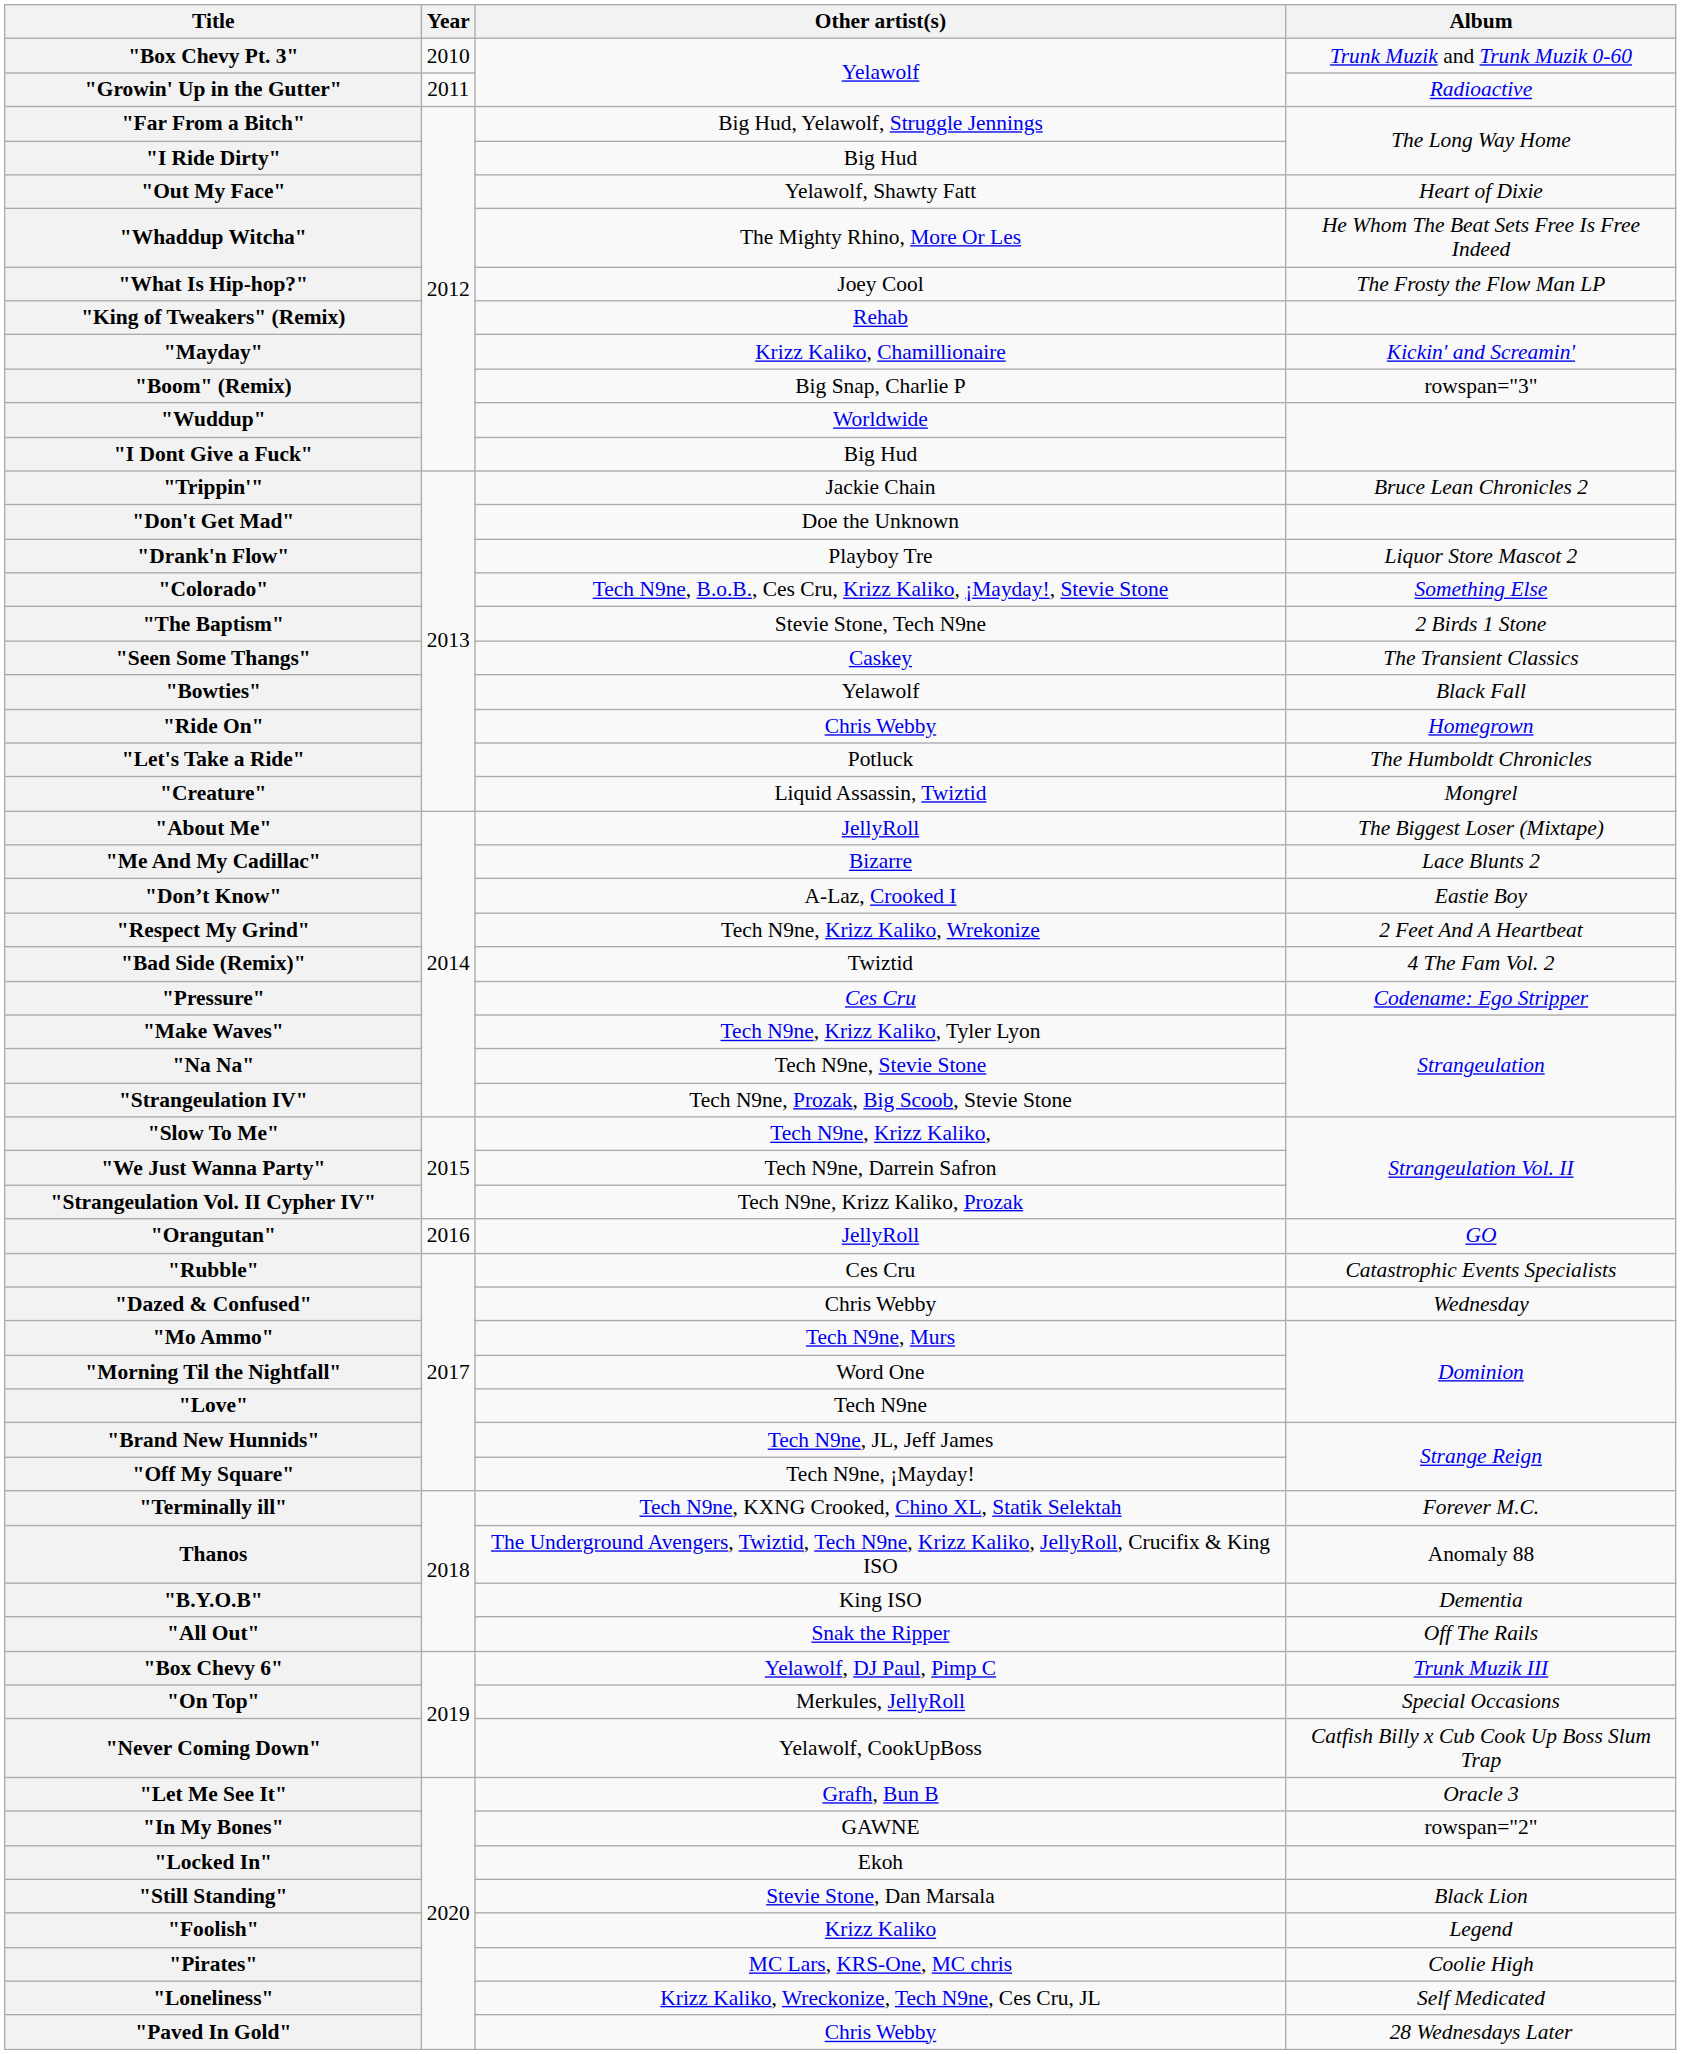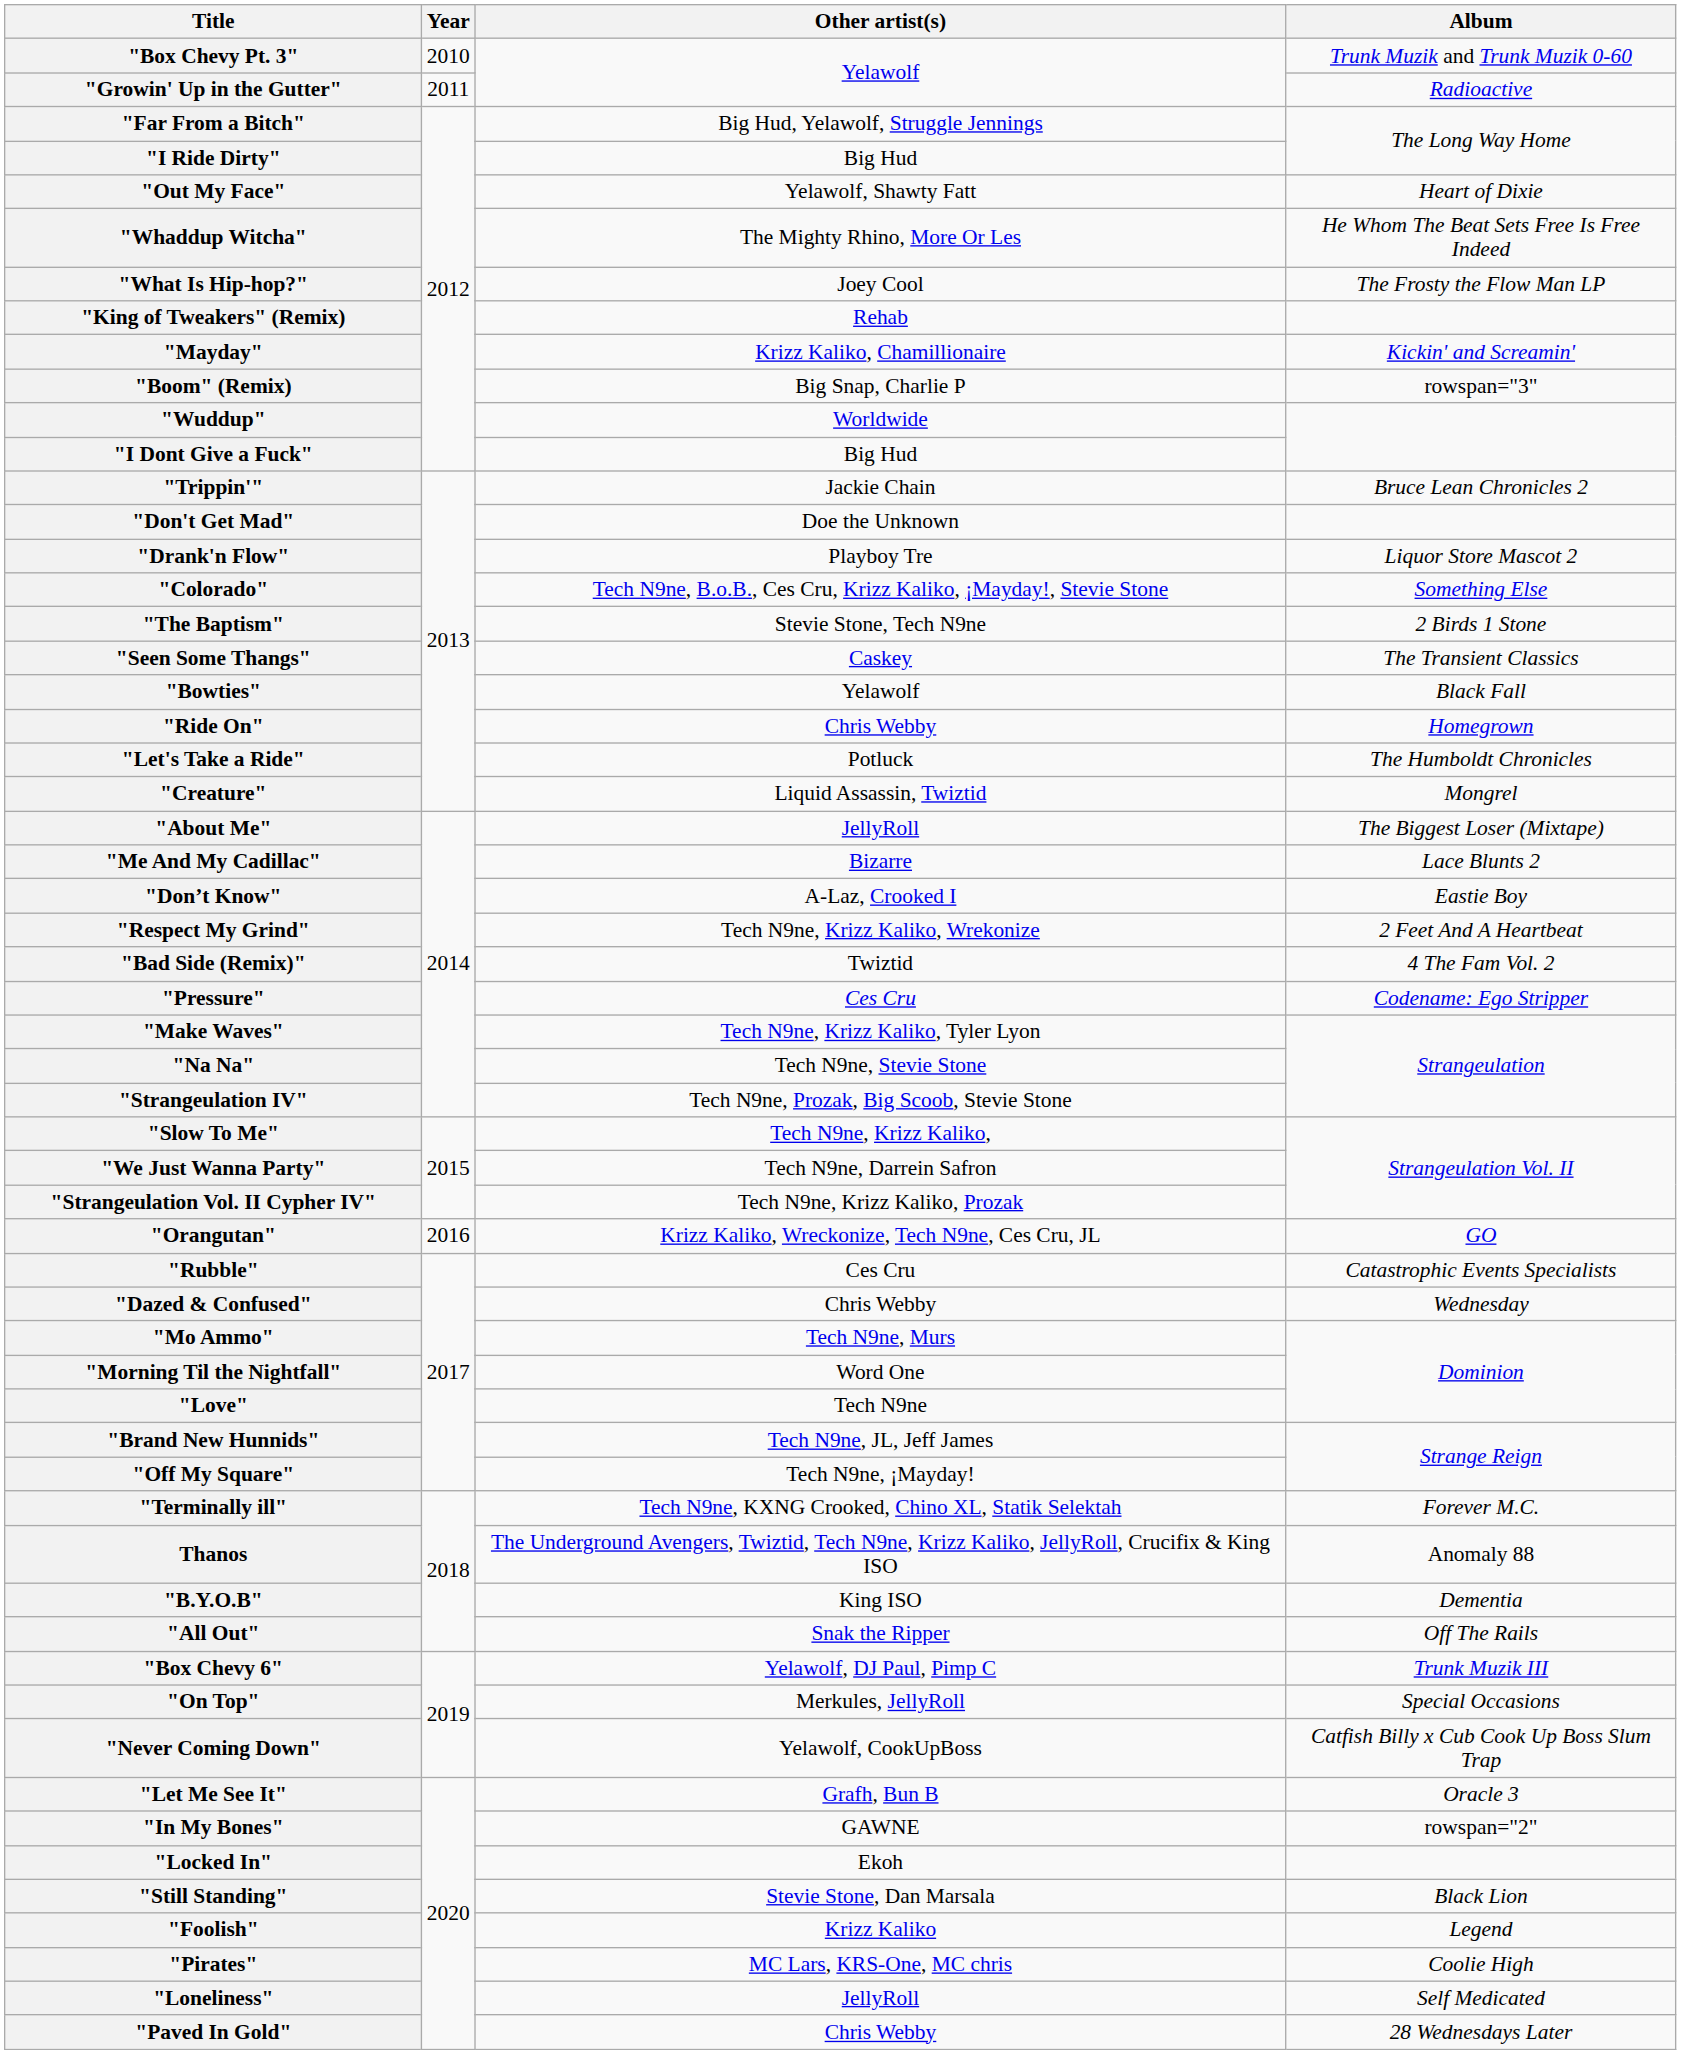 <table class="wikitable plainrowheaders" style="text-align:center;">
 <tr>
 <th scope="col" style="width:19em;">Title</th>
 <th scope="col">Year</th>
 <th scope="col">Other artist(s)</th>
 <th scope="col">Album</th>
 </tr>
 <tr>
 <th scope="row">"Box Chevy Pt. 3"</th>
 <td>2010</td>
 <td rowspan="2"><a href='#'>Yelawolf</a></td>
 <td><em><a href='#'>Trunk Muzik</a></em> and <em><a href='#'>Trunk Muzik 0-60</a></em></td>
 </tr>
 <tr>
 <th scope="row">"Growin' Up in the Gutter"</th>
 <td>2011</td>
 <td><em><a href='#'>Radioactive</a></em></td>
 </tr>
 <tr>
 <th scope="row">"Far From a Bitch"</th>
 <td rowspan="10">2012</td>
 <td>Big Hud, Yelawolf, <a href='#'>Struggle Jennings</a></td>
 <td rowspan="2"><em>The Long Way Home</em></td>
 </tr>
 <tr>
 <th scope="row">"I Ride Dirty"</th>
 <td>Big Hud</td>
 </tr>
 <tr>
 <th scope="row">"Out My Face"</th>
 <td>Yelawolf, Shawty Fatt</td>
 <td><em>Heart of Dixie</em></td>
 </tr>
 <tr>
 <th scope="row">"Whaddup Witcha"</th>
 <td>The Mighty Rhino, <a href='#'>More Or Les</a></td>
 <td><em>He Whom The Beat Sets Free Is Free Indeed</em></td>
 </tr>
 <tr>
 <th scope="row">"What Is Hip-hop?"</th>
 <td>Joey Cool</td>
 <td><em>The Frosty the Flow Man LP</em></td>
 </tr>
 <tr>
 <th scope="row">"King of Tweakers" (Remix)</th>
 <td><a href='#'>Rehab</a></td>
 <td></td>
 </tr>
 <tr>
 <th scope="row">"Mayday" </th>
 <td><a href='#'>Krizz Kaliko</a>, <a href='#'>Chamillionaire</a></td>
 <td><em><a href='#'>Kickin' and Screamin'</a></em></td>
 </tr>
 <tr>
 <th scope="row">"Boom" (Remix)</th>
 <td>Big Snap, Charlie P</td>
 <td>rowspan="3" </td>
 </tr>
 <tr>
 <th scope="row">"Wuddup"</th>
 <td><a href='#'>Worldwide</a></td>
 </tr>
 <tr>
 <th scope="row">"I Dont Give a Fuck"</th>
 <td>Big Hud</td>
 </tr>
 <tr>
 <th scope="row">"Trippin'"</th>
 <td rowspan="10">2013</td>
 <td>Jackie Chain</td>
 <td><em>Bruce Lean Chronicles 2</em></td>
 </tr>
 <tr>
 <th scope="row">"Don't Get Mad"</th>
 <td>Doe the Unknown</td>
 <td></td>
 </tr>
 <tr>
 <th scope="row">"Drank'n Flow"</th>
 <td>Playboy Tre</td>
 <td><em>Liquor Store Mascot 2</em></td>
 </tr>
 <tr>
 <th scope="row">"Colorado"</th>
 <td><a href='#'>Tech N9ne</a>, <a href='#'>B.o.B.</a>, Ces Cru, <a href='#'>Krizz Kaliko</a>, <a href='#'>¡Mayday!</a>, <a href='#'>Stevie Stone</a></td>
 <td><em><a href='#'>Something Else</a></em></td>
 </tr>
 <tr>
 <th scope="row">"The Baptism"</th>
 <td>Stevie Stone, Tech N9ne</td>
 <td><em>2 Birds 1 Stone</em></td>
 </tr>
 <tr>
 <th scope="row">"Seen Some Thangs"</th>
 <td><a href='#'>Caskey</a></td>
 <td><em>The Transient Classics</em></td>
 </tr>
 <tr>
 <th scope="row">"Bowties"</th>
 <td>Yelawolf</td>
 <td><em>Black Fall</em></td>
 </tr>
 <tr>
 <th scope="row">"Ride On"</th>
 <td><a href='#'>Chris Webby</a></td>
 <td><em><a href='#'>Homegrown</a></em></td>
 </tr>
 <tr>
 <th scope="row">"Let's Take a Ride"</th>
 <td>Potluck</td>
 <td><em>The Humboldt Chronicles</em></td>
 </tr>
 <tr>
 <th scope="row">"Creature"</th>
 <td>Liquid Assassin, <a href='#'>Twiztid</a></td>
 <td><em>Mongrel</em></td>
 </tr>
 <tr>
 <th scope="row">"About Me"</th>
 <td rowspan="9">2014</td>
 <td><a href='#'>JellyRoll</a></td>
 <td><em>The Biggest Loser (Mixtape)</em></td>
 </tr>
 <tr>
 <th scope="row">"Me And My Cadillac"</th>
 <td><a href='#'>Bizarre</a></td>
 <td><em>Lace Blunts 2</em></td>
 </tr>
 <tr>
 <th scope="row">"Don’t Know"</th>
 <td>A-Laz, <a href='#'>Crooked I</a></td>
 <td><em>Eastie Boy</em></td>
 </tr>
 <tr>
 <th scope="row">"Respect My Grind"</th>
 <td>Tech N9ne, <a href='#'>Krizz Kaliko</a>, <a href='#'>Wrekonize</a></td>
 <td><em>2 Feet And A Heartbeat</em></td>
 </tr>
 <tr>
 <th scope="row">"Bad Side (Remix)"</th>
 <td>Twiztid</td>
 <td><em>4 The Fam Vol. 2</em></td>
 </tr>
 <tr>
 <th scope="row">"Pressure"</th>
 <td><em><a href='#'>Ces Cru</a></em></td>
 <td><em><a href='#'>Codename: Ego Stripper</a></em></td>
 </tr>
 <tr>
 <th scope="row">"Make Waves"</th>
 <td><a href='#'>Tech N9ne</a>, <a href='#'>Krizz Kaliko</a>, Tyler Lyon</td>
 <td rowspan="3"><em><a href='#'>Strangeulation</a></em></td>
 </tr>
 <tr>
 <th scope="row">"Na Na"</th>
 <td>Tech N9ne, <a href='#'>Stevie Stone</a></td>
 </tr>
 <tr>
 <th scope="row">"Strangeulation IV"</th>
 <td>Tech N9ne, <a href='#'>Prozak</a>, <a href='#'>Big Scoob</a>, Stevie Stone</td>
 </tr>
 <tr>
 <th scope="row">"Slow To Me"</th>
 <td rowspan="3">2015</td>
 <td><a href='#'>Tech N9ne</a>, <a href='#'>Krizz Kaliko</a>,</td>
 <td rowspan="3"><em><a href='#'>Strangeulation Vol. II</a></em></td>
 </tr>
 <tr>
 <th Scope="row">"We Just Wanna Party"</th>
 <td>Tech N9ne, Darrein Safron</td>
 </tr>
 <tr>
 <th scope="row">"Strangeulation Vol. II Cypher IV"</th>
 <td>Tech N9ne, Krizz Kaliko, <a href='#'>Prozak</a></td>
 </tr>
 <tr>
 <th scope="row">"Orangutan"</th>
 <td rowspan="1">2016</td>
-<td><a href='#'>JellyRoll</a></td>
+<td><a href='#'>Krizz Kaliko</a>, <a href='#'>Wreckonize</a>, <a href='#'>Tech N9ne</a>, Ces Cru, JL</td>
 <td><em><a href='#'>GO</a></em></td>
 </tr>
 <tr>
 <th scope="row">"Rubble"</th>
 <td rowspan="7">2017</td>
 <td>Ces Cru</td>
 <td><em>Catastrophic Events Specialists </em></td>
 </tr>
 <tr>
 <th scope="row">"Dazed & Confused"</th>
 <td>Chris Webby</td>
 <td><em>Wednesday</em></td>
 </tr>
 <tr>
 <th scope="row">"Mo Ammo"</th>
 <td><a href='#'>Tech N9ne</a>, <a href='#'>Murs</a></td>
 <td rowspan="3"><em><a href='#'>Dominion</a></em></td>
 </tr>
 <tr>
 <th scope="row">"Morning Til the Nightfall"</th>
 <td>Word One</td>
 </tr>
 <tr>
 <th scope="row">"Love"</th>
 <td>Tech N9ne</td>
 </tr>
 <tr>
 <th scope="row">"Brand New Hunnids"</th>
 <td><a href='#'>Tech N9ne</a>, JL, Jeff James</td>
 <td rowspan="2"><em><a href='#'>Strange Reign</a></em></td>
 </tr>
 <tr>
 <th scope="row">"Off My Square"</th>
 <td>Tech N9ne, ¡Mayday!</td>
 </tr>
 <tr>
 <th scope="row">"Terminally ill"</th>
 <td rowspan="4">2018</td>
 <td><a href='#'>Tech N9ne</a>, KXNG Crooked, <a href='#'>Chino XL</a>, <a href='#'>Statik Selektah</a></td>
 <td><em>Forever M.C.</em></td>
 </tr>
 <tr>
 <th scope="row">Thanos</th>
 <td><a href='#'>The Underground Avengers</a>, <a href='#'>Twiztid</a>, <a href='#'>Tech N9ne</a>, <a href='#'>Krizz Kaliko</a>, <a href='#'>JellyRoll</a>, Crucifix & King ISO</td>
 <td>Anomaly 88</td>
 </tr>
 <tr>
 <th scope="row">"B.Y.O.B"</th>
 <td>King ISO</td>
 <td><em>Dementia</em></td>
 </tr>
 <tr>
 <th scope="row">"All Out"</th>
 <td><a href='#'>Snak the Ripper</a></td>
 <td><em>Off The Rails</em></td>
 </tr>
 <tr>
 <th scope="row">"Box Chevy 6"</th>
 <td rowspan="3">2019</td>
 <td><a href='#'>Yelawolf</a>, <a href='#'>DJ Paul</a>, <a href='#'>Pimp C</a></td>
 <td><em><a href='#'>Trunk Muzik III</a></em></td>
 </tr>
 <tr>
 <th scope="row">"On Top"</th>
 <td>Merkules, <a href='#'>JellyRoll</a></td>
 <td><em>Special Occasions</em></td>
 </tr>
 <tr>
 <th scope="row">"Never Coming Down"</th>
 <td>Yelawolf, CookUpBoss</td>
 <td><em>Catfish Billy x Cub Cook Up Boss Slum Trap</em></td>
 </tr>
 <tr>
 <th scope="row">"Let Me See It"</th>
 <td rowspan="8">2020</td>
 <td><a href='#'>Grafh</a>, <a href='#'>Bun B</a></td>
 <td><em>Oracle 3</em></td>
 </tr>
 <tr>
 <th scope="row">"In My Bones"</th>
 <td>GAWNE</td>
 <td>rowspan="2" <em></em></td>
 </tr>
 <tr>
 <th scope="row">"Locked In"</th>
 <td>Ekoh</td>
 </tr>
 <tr>
 <th scope="row">"Still Standing"</th>
 <td><a href='#'>Stevie Stone</a>, Dan Marsala</td>
 <td><em>Black Lion</em></td>
 </tr>
 <tr>
 <th scope="row">"Foolish"</th>
 <td><a href='#'>Krizz Kaliko</a></td>
 <td><em>Legend</em></td>
 </tr>
 <tr>
 <th scope="row">"Pirates"</th>
 <td><a href='#'>MC Lars</a>, <a href='#'>KRS-One</a>, <a href='#'>MC chris</a></td>
 <td><em>Coolie High</em></td>
 </tr>
 <tr>
 <th scope="row">"Loneliness"</th>
-<td><a href='#'>Krizz Kaliko</a>, <a href='#'>Wreckonize</a>, <a href='#'>Tech N9ne</a>, Ces Cru, JL</td>
+<td><a href='#'>JellyRoll</a></td>
 <td><em>Self Medicated</em></td>
 </tr>
 <tr>
 <th scope="row">"Paved In Gold"</th>
 <td><a href='#'>Chris Webby</a></td>
 <td><em>28 Wednesdays Later</em></td>
 </tr>
 </table>
